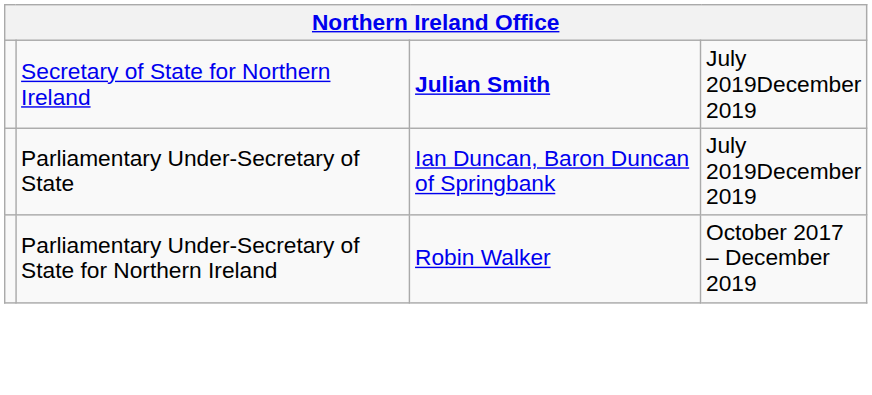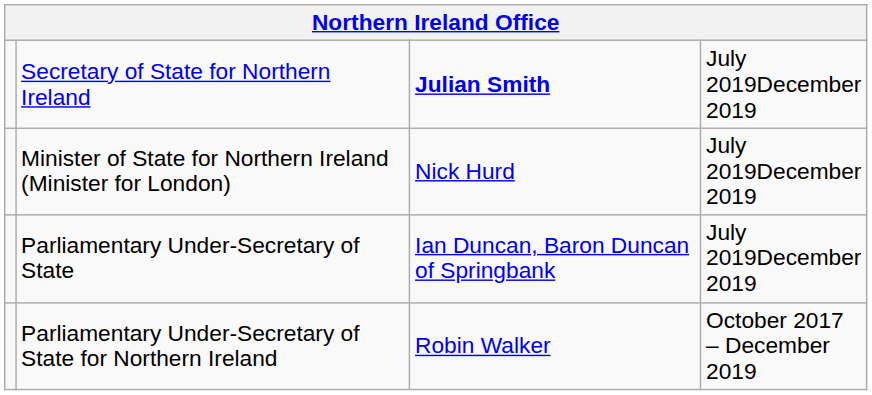 <table class="wikitable">
 <tr>
 <th colspan="4"><a href='#'>Northern Ireland Office</a></th>
 </tr>
 <tr>
 <td style="width: 1px; background: "></td>
 <td style="width: 450px;"><a href='#'>Secretary of State for Northern Ireland</a></td>
 <td style="width: 320px;"><strong><a href='#'>Julian Smith</a></strong></td>
+<td>July 2019December 2019</td>
+</tr>
+<tr>
+<td style="width: 1px; background: "></td>
+<td>Minister of State for Northern Ireland (Minister for London)</td>
+<td style="width: 320px;"><a href='#'>Nick Hurd</a></td>
 <td>July 2019December 2019</td>
 </tr>
 <tr>
 <td style="width: 1px; background: "></td>
 <td>Parliamentary Under-Secretary of State</td>
 <td><a href='#'>Ian Duncan, Baron Duncan of Springbank</a> <br></td>
 <td>July 2019December 2019</td>
 </tr>
 <tr>
 <td style="width: 1px; background: "></td>
 <td>Parliamentary Under-Secretary of State for Northern Ireland</td>
 <td><a href='#'>Robin Walker</a><br></td>
 <td>October 2017 – December 2019</td>
 </tr>
 </table>
